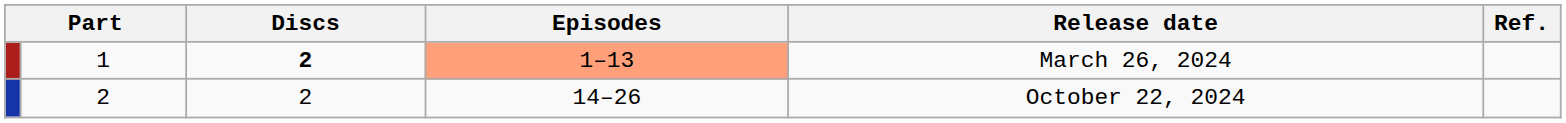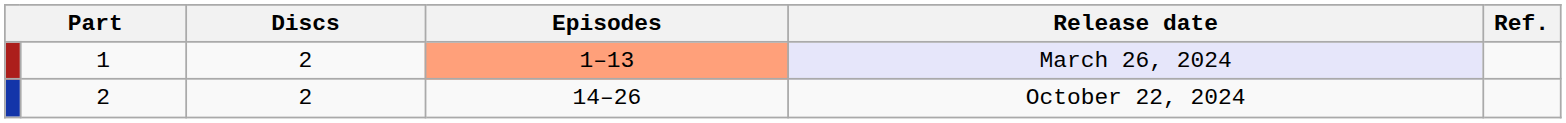 <table class="wikitable" style="text-align: center; width: 70%;">
 <tr>
 <th colspan="2">Part</th>
 <th>Discs</th>
 <th>Episodes</th>
 <th>Release date</th>
 <th width="5%">Ref.</th>
 </tr>
 <tr>
 <td width="1%" style="background: #AC1E1B;"></td>
 <td>1</td>
-<td><strong>2</strong></td>
+<td>2</td>
 <td style="background: lightsalmon;">1–13</td>
-<td>March 26, 2024</td>
+<td style="background: lavender;">March 26, 2024</td>
 <td></td>
 </tr>
 <tr>
 <td width="1%" style="background: #1335A9;"></td>
 <td>2</td>
 <td>2</td>
 <td>14–26</td>
 <td>October 22, 2024</td>
 <td></td>
 </tr>
 </table>
